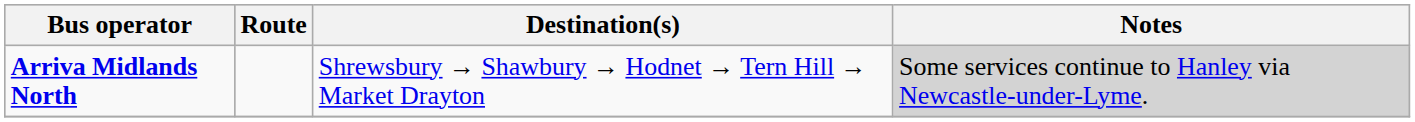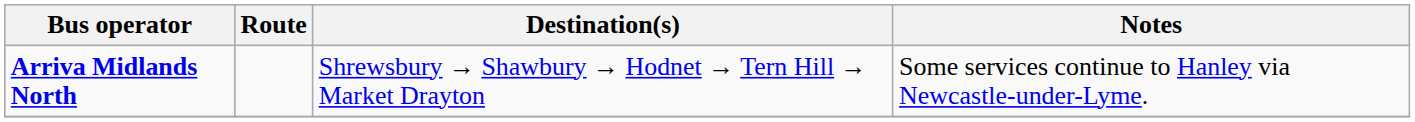 <table class="wikitable">
 <tr>
 <th>Bus operator</th>
 <th>Route</th>
 <th>Destination(s)</th>
 <th>Notes</th>
 </tr>
 <tr>
 <td><strong><a href='#'>Arriva Midlands North</a></strong></td>
 <td><strong></strong></td>
 <td><a href='#'>Shrewsbury</a> → <a href='#'>Shawbury</a> → <a href='#'>Hodnet</a> → <a href='#'>Tern Hill</a> → <a href='#'>Market Drayton</a></td>
-<td style="background: lightgrey;">Some services continue to <a href='#'>Hanley</a> via <a href='#'>Newcastle-under-Lyme</a>.</td>
+<td>Some services continue to <a href='#'>Hanley</a> via <a href='#'>Newcastle-under-Lyme</a>.</td>
 </tr>
 <tr>
 </tr>
 </table>
